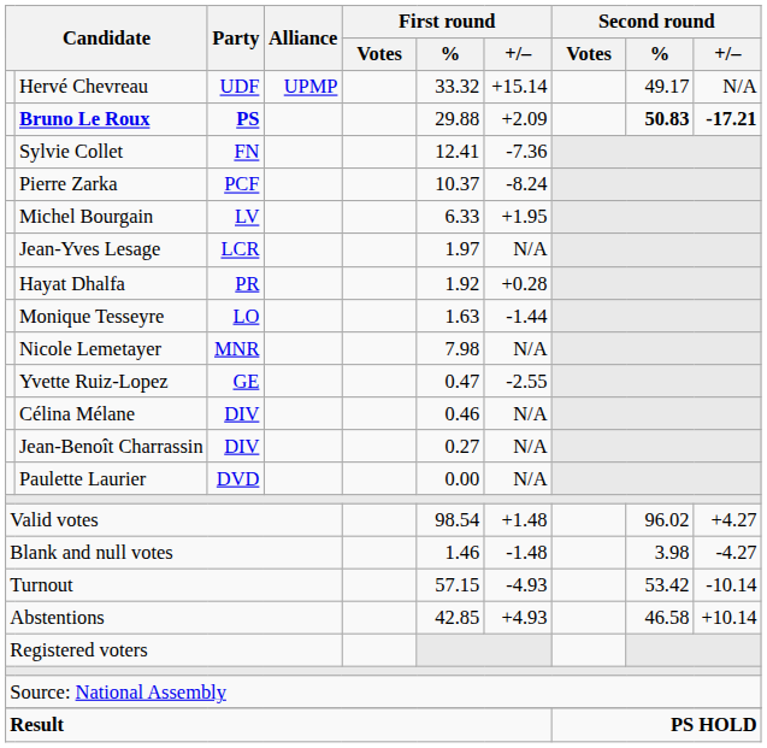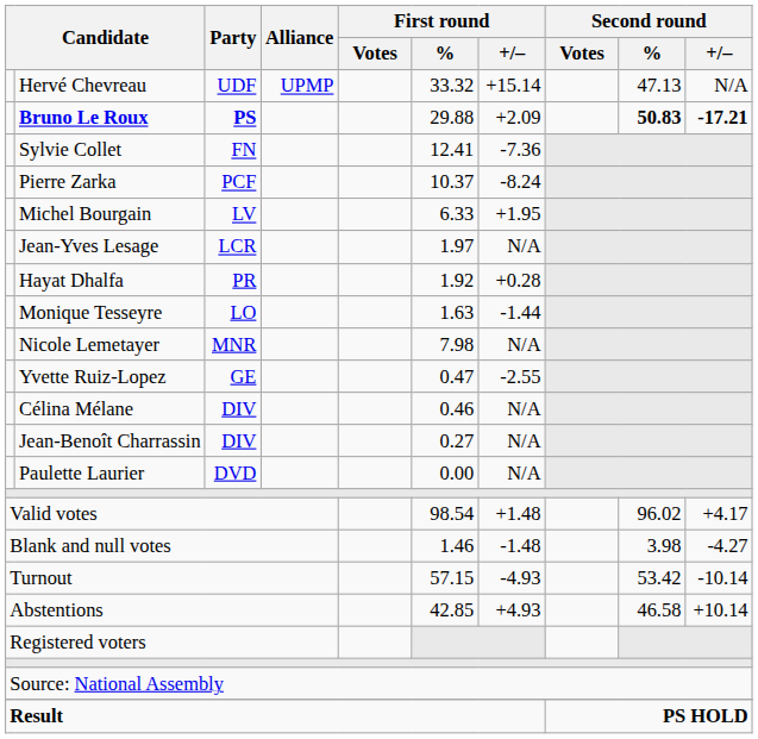 <table class="wikitable" style="text-align:right;font-size:95%;">
 <tr>
 <th rowspan="2" colspan="2">Candidate</th>
 <th rowspan="2">Party</th>
 <th rowspan="2">Alliance</th>
 <th colspan="3">First round</th>
 <th colspan="3">Second round</th>
 </tr>
 <tr>
 <th style="width:50px;">Votes</th>
 <th style="width:45px;">%</th>
 <th style="width:45px;">+/–</th>
 <th style="width:50px;">Votes</th>
 <th style="width:45px;">%</th>
 <th style="width:45px;">+/–</th>
 </tr>
 <tr>
 <td style="color:inherit;background:"></td>
 <td style="text-align:left;">Hervé Chevreau</td>
 <td><a href='#'>UDF</a> </td>
 <td><a href='#'>UPMP</a> </td>
 <td></td>
 <td>33.32</td>
 <td>+15.14</td>
 <td></td>
-<td>49.17</td>
+<td>47.13</td>
 <td>N/A</td>
 </tr>
 <tr>
 <td style="color:inherit;background:"></td>
 <td style="text-align:left;"><strong><a href='#'>Bruno Le Roux</a></strong></td>
 <td><a href='#'><strong>PS</strong></a> </td>
 <td></td>
 <td></td>
 <td>29.88</td>
 <td>+2.09</td>
 <td><strong></strong></td>
 <td><strong>50.83</strong></td>
 <td><strong>-17.21</strong></td>
 </tr>
 <tr>
 <td style="color:inherit;background:"></td>
 <td style="text-align:left;">Sylvie Collet</td>
 <td><a href='#'>FN</a></td>
 <td></td>
 <td></td>
 <td>12.41</td>
 <td>-7.36</td>
 <td colspan="3" style="background:#E9E9E9;"></td>
 </tr>
 <tr>
 <td style="color:inherit;background:"></td>
 <td style="text-align:left;">Pierre Zarka</td>
 <td><a href='#'>PCF</a></td>
 <td></td>
 <td></td>
 <td>10.37</td>
 <td>-8.24</td>
 <td colspan="3" style="background:#E9E9E9;"></td>
 </tr>
 <tr>
 <td style="color:inherit;background:"></td>
 <td style="text-align:left;">Michel Bourgain</td>
 <td><a href='#'>LV</a></td>
 <td></td>
 <td></td>
 <td>6.33</td>
 <td>+1.95</td>
 <td colspan="3" style="background:#E9E9E9;"></td>
 </tr>
 <tr>
 <td style="color:inherit;background:"></td>
 <td style="text-align:left;">Jean-Yves Lesage</td>
 <td><a href='#'>LCR</a></td>
 <td></td>
 <td></td>
 <td>1.97</td>
 <td>N/A</td>
 <td colspan="3" style="background:#E9E9E9;"></td>
 </tr>
 <tr>
 <td style="color:inherit;background:"></td>
 <td style="text-align:left;">Hayat Dhalfa</td>
 <td><a href='#'>PR</a></td>
 <td></td>
 <td></td>
 <td>1.92</td>
 <td>+0.28</td>
 <td colspan="3" style="background:#E9E9E9;"></td>
 </tr>
 <tr>
 <td style="color:inherit;background:"></td>
 <td style="text-align:left;">Monique Tesseyre</td>
 <td><a href='#'>LO</a></td>
 <td></td>
 <td></td>
 <td>1.63</td>
 <td>-1.44</td>
 <td colspan="3" style="background:#E9E9E9;"></td>
 </tr>
 <tr>
 <td style="color:inherit;background:"></td>
 <td style="text-align:left;">Nicole Lemetayer</td>
 <td><a href='#'>MNR</a></td>
 <td></td>
 <td></td>
 <td>7.98</td>
 <td>N/A</td>
 <td colspan="3" style="background:#E9E9E9;"></td>
 </tr>
 <tr>
 <td style="color:inherit;background:"></td>
 <td style="text-align:left;">Yvette Ruiz-Lopez</td>
 <td><a href='#'>GE</a></td>
 <td></td>
 <td></td>
 <td>0.47</td>
 <td>-2.55</td>
 <td colspan="3" style="background:#E9E9E9;"></td>
 </tr>
 <tr>
 <td style="color:inherit;background:"></td>
 <td style="text-align:left;">Célina Mélane</td>
 <td><a href='#'>DIV</a></td>
 <td></td>
 <td></td>
 <td>0.46</td>
 <td>N/A</td>
 <td colspan="3" style="background:#E9E9E9;"></td>
 </tr>
 <tr>
 <td style="color:inherit;background:"></td>
 <td style="text-align:left;">Jean-Benoît Charrassin</td>
 <td><a href='#'>DIV</a></td>
 <td></td>
 <td></td>
 <td>0.27</td>
 <td>N/A</td>
 <td colspan="3" style="background:#E9E9E9;"></td>
 </tr>
 <tr>
 <td style="color:inherit;background:"></td>
 <td style="text-align:left;">Paulette Laurier</td>
 <td><a href='#'>DVD</a></td>
 <td></td>
 <td></td>
 <td>0.00</td>
 <td>N/A</td>
 <td colspan="3" style="background:#E9E9E9;"></td>
 </tr>
 <tr>
 <td colspan="10" style="background:#E9E9E9;"></td>
 </tr>
 <tr>
 <td colspan="4" style="text-align:left;">Valid votes</td>
 <td></td>
 <td>98.54</td>
 <td>+1.48</td>
 <td></td>
 <td>96.02</td>
-<td>+4.27</td>
+<td>+4.17</td>
 </tr>
 <tr>
 <td colspan="4" style="text-align:left;">Blank and null votes</td>
 <td></td>
 <td>1.46</td>
 <td>-1.48</td>
 <td></td>
 <td>3.98</td>
 <td>-4.27</td>
 </tr>
 <tr>
 <td colspan="4" style="text-align:left;">Turnout</td>
 <td></td>
 <td>57.15</td>
 <td>-4.93</td>
 <td></td>
 <td>53.42</td>
 <td>-10.14</td>
 </tr>
 <tr>
 <td colspan="4" style="text-align:left;">Abstentions</td>
 <td></td>
 <td>42.85</td>
 <td>+4.93</td>
 <td></td>
 <td>46.58</td>
 <td>+10.14</td>
 </tr>
 <tr>
 <td colspan="4" style="text-align:left;">Registered voters</td>
 <td></td>
 <td colspan="2" style="background:#E9E9E9;"></td>
 <td></td>
 <td colspan="2" style="background:#E9E9E9;"></td>
 </tr>
 <tr>
 <td colspan="10" style="background:#E9E9E9;"></td>
 </tr>
 <tr>
 <td colspan="10" style="text-align:left;">Source: <a href='#'>National Assembly</a></td>
 </tr>
 <tr>
 </tr>
 <tr style="font-weight:bold">
 <td colspan="7" style="text-align:left;">Result</td>
 <td colspan="7" style="background-color:">PS HOLD</td>
 </tr>
 </table>
